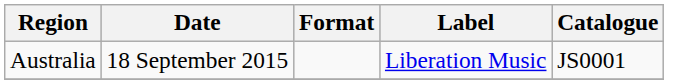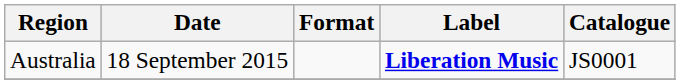 <table class="wikitable plainrowheaders">
 <tr>
 <th scope="col">Region</th>
 <th scope="col">Date</th>
 <th scope="col">Format</th>
 <th scope="col">Label</th>
 <th scope="col">Catalogue</th>
 </tr>
 <tr>
 <td>Australia</td>
 <td>18 September 2015</td>
 <td></td>
-<td><a href='#'>Liberation Music</a></td>
+<td><strong><a href='#'>Liberation Music</a></strong></td>
 <td>JS0001</td>
 </tr>
 <tr>
 </tr>
 </table>
